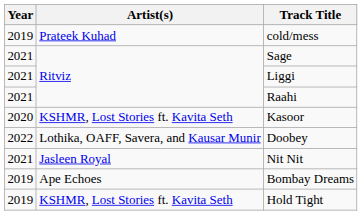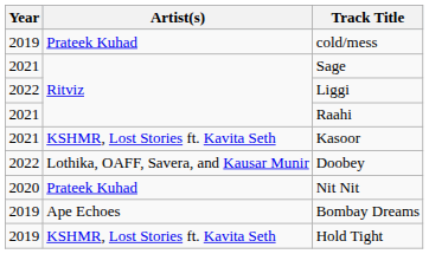 <table class="wikitable sortable">
 <tr style="background:#b0c4de; text-align:center;">
 <th>Year</th>
 <th>Artist(s)</th>
 <th>Track Title</th>
 </tr>
 <tr>
 <td>2019</td>
 <td><a href='#'>Prateek Kuhad</a></td>
 <td>cold/mess</td>
 </tr>
 <tr>
 <td>2021</td>
 <td rowspan="3"><a href='#'>Ritviz</a></td>
 <td>Sage</td>
 </tr>
 <tr>
-<td>2021</td>
+<td>2022</td>
 <td>Liggi</td>
 </tr>
 <tr>
 <td>2021</td>
 <td>Raahi</td>
 </tr>
 <tr>
-<td>2020</td>
+<td>2021</td>
 <td><a href='#'>KSHMR</a>, <a href='#'>Lost Stories</a> ft. <a href='#'>Kavita Seth</a></td>
 <td>Kasoor</td>
 </tr>
 <tr>
 <td>2022</td>
 <td>Lothika, OAFF, Savera, and <a href='#'>Kausar Munir</a></td>
 <td>⁠Doobey</td>
 </tr>
 <tr>
-<td>2021</td>
-<td><a href='#'>Jasleen Royal</a></td>
+<td>2020</td>
+<td><a href='#'>Prateek Kuhad</a></td>
 <td>Nit Nit</td>
 </tr>
 <tr>
 <td>2019</td>
 <td>Ape Echoes</td>
 <td>Bombay Dreams</td>
 </tr>
 <tr>
 <td>2019</td>
 <td><a href='#'>KSHMR</a>, <a href='#'>Lost Stories</a> ft. <a href='#'>Kavita Seth</a></td>
 <td>⁠Hold Tight</td>
 </tr>
 </table>
